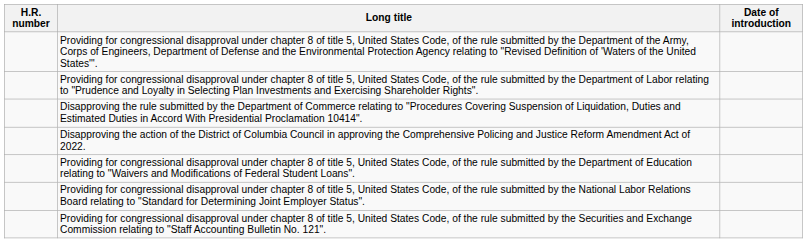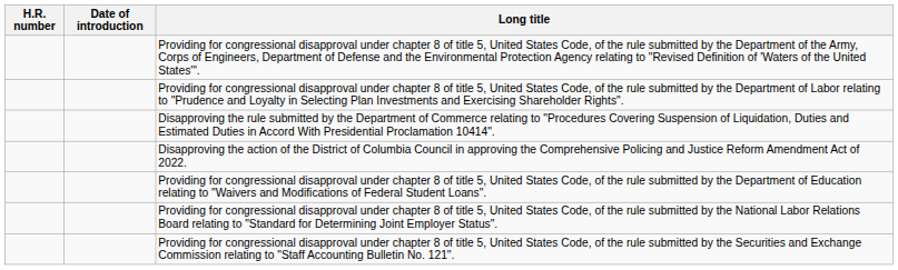 <table class="wikitable">
 <tr>
 <th>H.R. number</th>
+<th>Date of introduction</th>
 <th>Long title</th>
-<th>Date of introduction</th>
 </tr>
 <tr>
 <td></td>
+<td></td>
 <td>Providing for congressional disapproval under chapter 8 of title 5, United States Code, of the rule submitted by the Department of the Army, Corps of Engineers, Department of Defense and the Environmental Protection Agency relating to "Revised Definition of 'Waters of the United States'".</td>
-<td></td>
 </tr>
 <tr>
 <td></td>
+<td></td>
 <td>Providing for congressional disapproval under chapter 8 of title 5, United States Code, of the rule submitted by the Department of Labor relating to "Prudence and Loyalty in Selecting Plan Investments and Exercising Shareholder Rights".</td>
-<td></td>
 </tr>
 <tr>
 <td></td>
+<td></td>
 <td>Disapproving the rule submitted by the Department of Commerce relating to "Procedures Covering Suspension of Liquidation, Duties and Estimated Duties in Accord With Presidential Proclamation 10414".</td>
-<td></td>
 </tr>
 <tr>
 <td></td>
+<td></td>
 <td>Disapproving the action of the District of Columbia Council in approving the Comprehensive Policing and Justice Reform Amendment Act of 2022.</td>
-<td></td>
 </tr>
 <tr>
 <td></td>
+<td></td>
 <td>Providing for congressional disapproval under chapter 8 of title 5, United States Code, of the rule submitted by the Department of Education relating to "Waivers and Modifications of Federal Student Loans".</td>
-<td></td>
 </tr>
 <tr>
 <td></td>
+<td></td>
 <td>Providing for congressional disapproval under chapter 8 of title 5, United States Code, of the rule submitted by the National Labor Relations Board relating to "Standard for Determining Joint Employer Status".</td>
-<td></td>
 </tr>
 <tr>
 <td></td>
+<td></td>
 <td>Providing for congressional disapproval under chapter 8 of title 5, United States Code, of the rule submitted by the Securities and Exchange Commission relating to "Staff Accounting Bulletin No. 121".</td>
-<td></td>
 </tr>
 </table>
